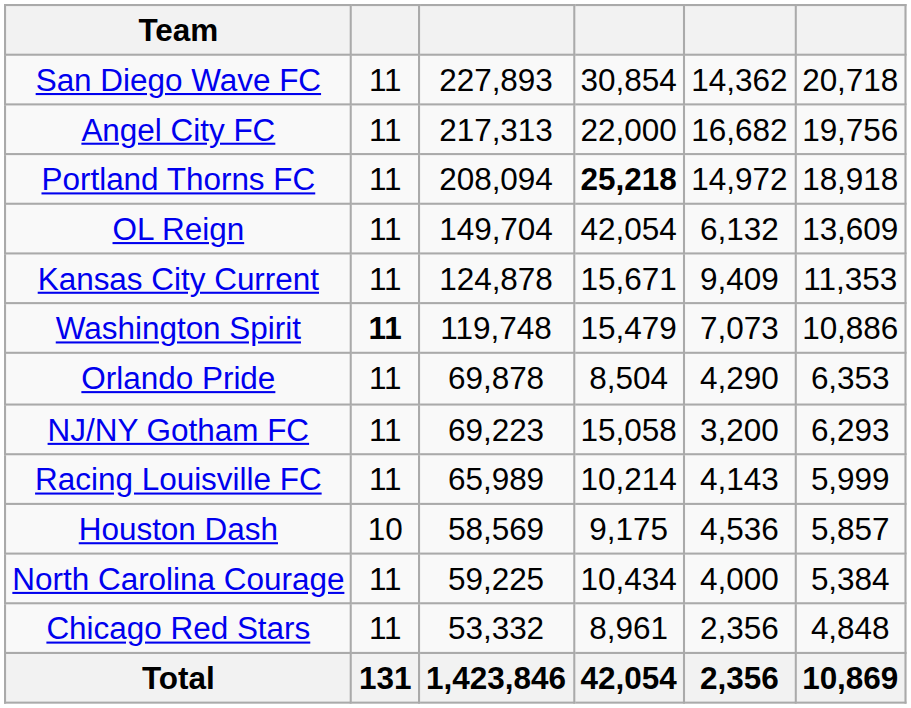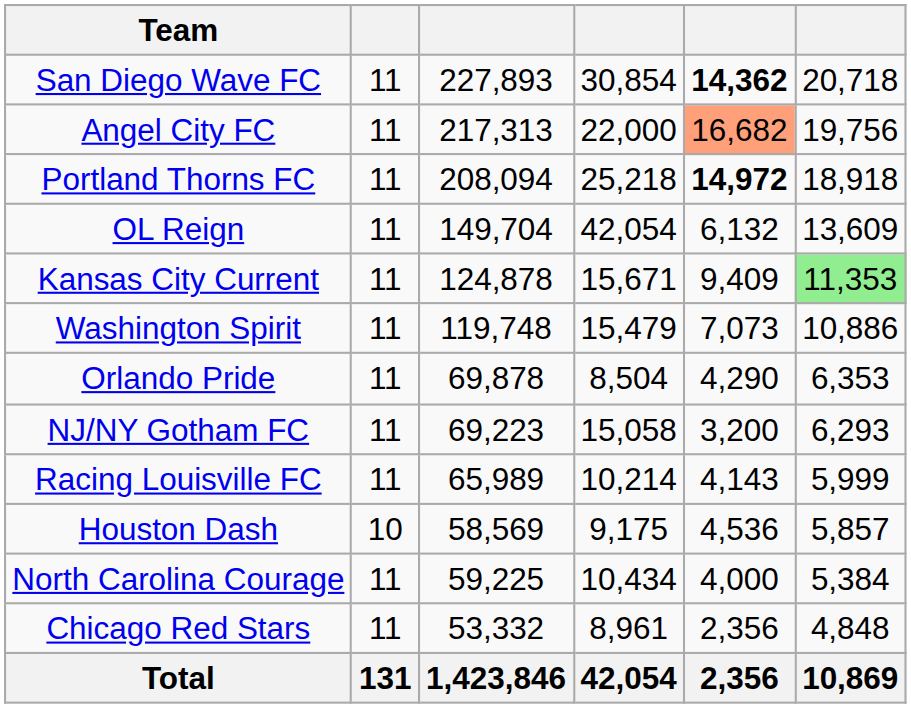 <table class="wikitable sortable" style="font-size: 95%;text-align: center;">
 <tr>
 <th scope="col">Team</th>
 <th scope="col"></th>
 <th scope="col"></th>
 <th scope="col"></th>
 <th scope="col"></th>
 <th scope="col"></th>
 </tr>
 <tr>
 <td><a href='#'>San Diego Wave FC</a></td>
 <td>11</td>
 <td>227,893</td>
 <td>30,854</td>
-<td>14,362</td>
+<td><strong>14,362</strong></td>
 <td>20,718</td>
 </tr>
 <tr>
 <td><a href='#'>Angel City FC</a></td>
 <td>11</td>
 <td>217,313</td>
 <td>22,000</td>
-<td>16,682</td>
+<td style="background: lightsalmon;">16,682</td>
 <td>19,756</td>
 </tr>
 <tr>
 <td><a href='#'>Portland Thorns FC</a></td>
 <td>11</td>
 <td>208,094</td>
-<td><strong>25,218</strong></td>
-<td>14,972</td>
+<td>25,218</td>
+<td><strong>14,972</strong></td>
 <td>18,918</td>
 </tr>
 <tr>
 <td><a href='#'>OL Reign</a></td>
 <td>11</td>
 <td>149,704</td>
 <td>42,054</td>
 <td>6,132</td>
 <td>13,609</td>
 </tr>
 <tr>
 <td><a href='#'>Kansas City Current</a></td>
 <td>11</td>
 <td>124,878</td>
 <td>15,671</td>
 <td>9,409</td>
-<td>11,353</td>
+<td style="background: lightgreen;">11,353</td>
 </tr>
 <tr>
 <td><a href='#'>Washington Spirit</a></td>
-<td><strong>11</strong></td>
+<td>11</td>
 <td>119,748</td>
 <td>15,479</td>
 <td>7,073</td>
 <td>10,886</td>
 </tr>
 <tr>
 <td><a href='#'>Orlando Pride</a></td>
 <td>11</td>
 <td>69,878</td>
 <td>8,504</td>
 <td>4,290</td>
 <td>6,353</td>
 </tr>
 <tr>
 <td><a href='#'>NJ/NY Gotham FC</a></td>
 <td>11</td>
 <td>69,223</td>
 <td>15,058</td>
 <td>3,200</td>
 <td>6,293</td>
 </tr>
 <tr>
 <td><a href='#'>Racing Louisville FC</a></td>
 <td>11</td>
 <td>65,989</td>
 <td>10,214</td>
 <td>4,143</td>
 <td>5,999</td>
 </tr>
 <tr>
 <td><a href='#'>Houston Dash</a></td>
 <td>10</td>
 <td>58,569</td>
 <td>9,175</td>
 <td>4,536</td>
 <td>5,857</td>
 </tr>
 <tr>
 <td><a href='#'>North Carolina Courage</a></td>
 <td>11</td>
 <td>59,225</td>
 <td>10,434</td>
 <td>4,000</td>
 <td>5,384</td>
 </tr>
 <tr>
 <td><a href='#'>Chicago Red Stars</a></td>
 <td>11</td>
 <td>53,332</td>
 <td>8,961</td>
 <td>2,356</td>
 <td>4,848</td>
 </tr>
 <tr>
 <th scope="row">Total</th>
 <th>131</th>
 <th>1,423,846</th>
 <th>42,054</th>
 <th>2,356</th>
 <th>10,869</th>
 </tr>
 </table>
